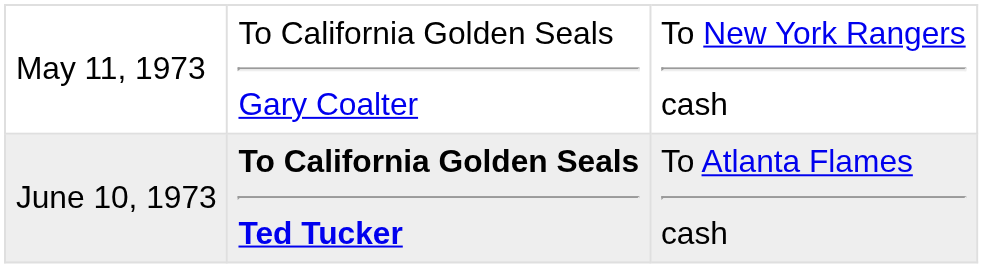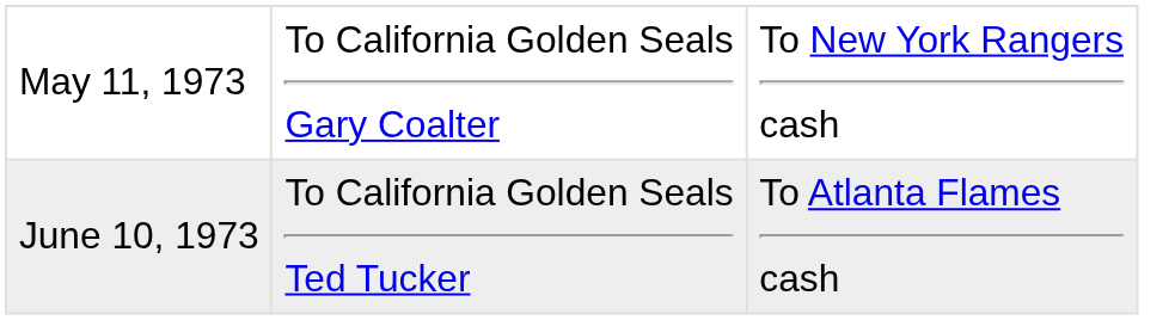 <table border=1 style="border-collapse:collapse" bordercolor="#DFDFDF"  cellpadding="5">
 <tr>
 <td>May 11, 1973</td>
 <td valign="top">To California Golden Seals <hr><a href='#'>Gary Coalter</a></td>
 <td valign="top">To <a href='#'>New York Rangers</a> <hr>cash</td>
 </tr>
 <tr bgcolor="#eeeeee">
 <td>June 10, 1973</td>
-<td valign="top"><strong>To California Golden Seals <hr><a href='#'>Ted Tucker</a></strong></td>
+<td valign="top">To California Golden Seals <hr><a href='#'>Ted Tucker</a></td>
 <td valign="top">To <a href='#'>Atlanta Flames</a> <hr>cash</td>
 </tr>
 </table>
